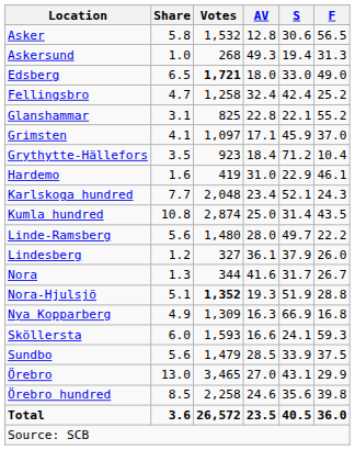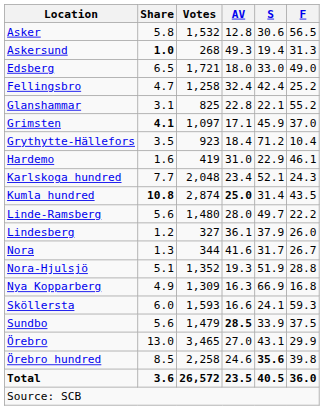 <table class="wikitable sortable" style=text-align:right>
 <tr>
 <th>Location</th>
 <th>Share</th>
 <th>Votes</th>
 <th><a href='#'>AV</a></th>
 <th><a href='#'>S</a></th>
 <th><a href='#'>F</a></th>
 </tr>
 <tr>
 <td align=left><a href='#'>Asker</a></td>
 <td>5.8</td>
 <td>1,532</td>
 <td>12.8</td>
 <td>30.6</td>
 <td>56.5</td>
 </tr>
 <tr>
 <td align=left><a href='#'>Askersund</a></td>
-<td>1.0</td>
+<td><strong>1.0</strong></td>
 <td>268</td>
 <td>49.3</td>
 <td>19.4</td>
 <td>31.3</td>
 </tr>
 <tr>
 <td align=left><a href='#'>Edsberg</a></td>
 <td>6.5</td>
-<td><strong>1,721</strong></td>
+<td>1,721</td>
 <td>18.0</td>
 <td>33.0</td>
 <td>49.0</td>
 </tr>
 <tr>
 <td align=left><a href='#'>Fellingsbro</a></td>
 <td>4.7</td>
 <td>1,258</td>
 <td>32.4</td>
 <td>42.4</td>
 <td>25.2</td>
 </tr>
 <tr>
 <td align=left><a href='#'>Glanshammar</a></td>
 <td>3.1</td>
 <td>825</td>
 <td>22.8</td>
 <td>22.1</td>
 <td>55.2</td>
 </tr>
 <tr>
 <td align=left><a href='#'>Grimsten</a></td>
-<td>4.1</td>
+<td><strong>4.1</strong></td>
 <td>1,097</td>
 <td>17.1</td>
 <td>45.9</td>
 <td>37.0</td>
 </tr>
 <tr>
 <td align=left><a href='#'>Grythytte-Hällefors</a></td>
 <td>3.5</td>
 <td>923</td>
 <td>18.4</td>
 <td>71.2</td>
 <td>10.4</td>
 </tr>
 <tr>
 <td align=left><a href='#'>Hardemo</a></td>
 <td>1.6</td>
 <td>419</td>
 <td>31.0</td>
 <td>22.9</td>
 <td>46.1</td>
 </tr>
 <tr>
 <td align=left><a href='#'>Karlskoga hundred</a></td>
 <td>7.7</td>
 <td>2,048</td>
 <td>23.4</td>
 <td>52.1</td>
 <td>24.3</td>
 </tr>
 <tr>
 <td align=left><a href='#'>Kumla hundred</a></td>
-<td>10.8</td>
+<td><strong>10.8</strong></td>
 <td>2,874</td>
-<td>25.0</td>
+<td><strong>25.0</strong></td>
 <td>31.4</td>
 <td>43.5</td>
 </tr>
 <tr>
 <td align=left><a href='#'>Linde-Ramsberg</a></td>
 <td>5.6</td>
 <td>1,480</td>
 <td>28.0</td>
 <td>49.7</td>
 <td>22.2</td>
 </tr>
 <tr>
 <td align=left><a href='#'>Lindesberg</a></td>
 <td>1.2</td>
 <td>327</td>
 <td>36.1</td>
 <td>37.9</td>
 <td>26.0</td>
 </tr>
 <tr>
 <td align=left><a href='#'>Nora</a></td>
 <td>1.3</td>
 <td>344</td>
 <td>41.6</td>
 <td>31.7</td>
 <td>26.7</td>
 </tr>
 <tr>
 <td align=left><a href='#'>Nora-Hjulsjö</a></td>
 <td>5.1</td>
-<td><strong>1,352</strong></td>
+<td>1,352</td>
 <td>19.3</td>
 <td>51.9</td>
 <td>28.8</td>
 </tr>
 <tr>
 <td align=left><a href='#'>Nya Kopparberg</a></td>
 <td>4.9</td>
 <td>1,309</td>
 <td>16.3</td>
 <td>66.9</td>
 <td>16.8</td>
 </tr>
 <tr>
 <td align=left><a href='#'>Sköllersta</a></td>
 <td>6.0</td>
 <td>1,593</td>
 <td>16.6</td>
 <td>24.1</td>
 <td>59.3</td>
 </tr>
 <tr>
 <td align=left><a href='#'>Sundbo</a></td>
 <td>5.6</td>
 <td>1,479</td>
-<td>28.5</td>
+<td><strong>28.5</strong></td>
 <td>33.9</td>
 <td>37.5</td>
 </tr>
 <tr>
 <td align=left><a href='#'>Örebro</a></td>
 <td>13.0</td>
 <td>3,465</td>
 <td>27.0</td>
 <td>43.1</td>
 <td>29.9</td>
 </tr>
 <tr>
 <td align=left><a href='#'>Örebro hundred</a></td>
 <td>8.5</td>
 <td>2,258</td>
 <td>24.6</td>
-<td>35.6</td>
+<td><strong>35.6</strong></td>
 <td>39.8</td>
 </tr>
 <tr>
 <td align=left><strong>Total</strong></td>
 <td><strong>3.6</strong></td>
 <td><strong>26,572</strong></td>
 <td><strong>23.5</strong></td>
 <td><strong>40.5</strong></td>
 <td><strong>36.0</strong></td>
 </tr>
 <tr>
 <td align=left colspan=6>Source: SCB </td>
 </tr>
 </table>
